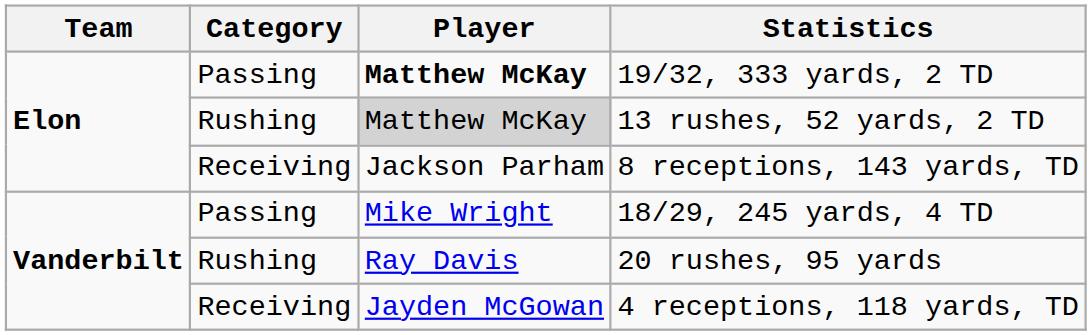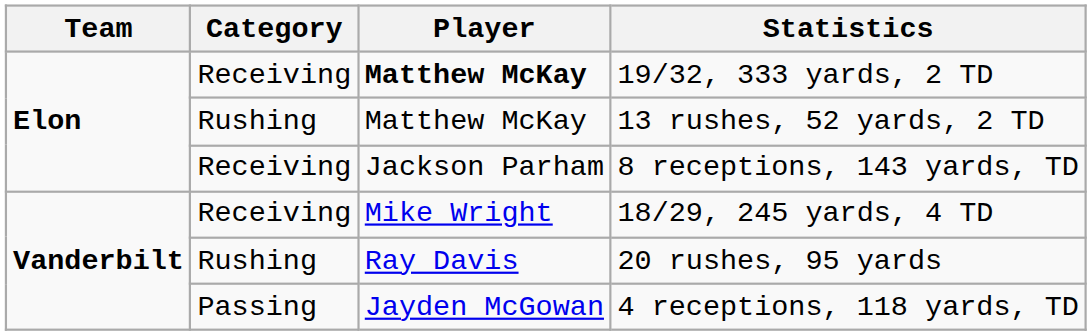 <table class="wikitable" style="float: right;">
 <tr>
 <th>Team</th>
 <th>Category</th>
 <th>Player</th>
 <th>Statistics</th>
 </tr>
 <tr>
 <td rowspan=3><strong>Elon</strong></td>
-<td>Passing</td>
+<td>Receiving</td>
 <td><strong>Matthew McKay</strong></td>
 <td>19/32, 333 yards, 2 TD</td>
 </tr>
 <tr>
 <td>Rushing</td>
-<td style="background: lightgrey;">Matthew McKay</td>
+<td>Matthew McKay</td>
 <td>13 rushes, 52 yards, 2 TD</td>
 </tr>
 <tr>
 <td>Receiving</td>
 <td>Jackson Parham</td>
 <td>8 receptions, 143 yards, TD</td>
 </tr>
 <tr>
 <td rowspan=3><strong>Vanderbilt</strong></td>
-<td>Passing</td>
+<td>Receiving</td>
 <td><a href='#'>Mike Wright</a></td>
 <td>18/29, 245 yards, 4 TD</td>
 </tr>
 <tr>
 <td>Rushing</td>
 <td><a href='#'>Ray Davis</a></td>
 <td>20 rushes, 95 yards</td>
 </tr>
 <tr>
-<td>Receiving</td>
+<td>Passing</td>
 <td><a href='#'>Jayden McGowan</a></td>
 <td>4 receptions, 118 yards, TD</td>
 </tr>
 </table>
